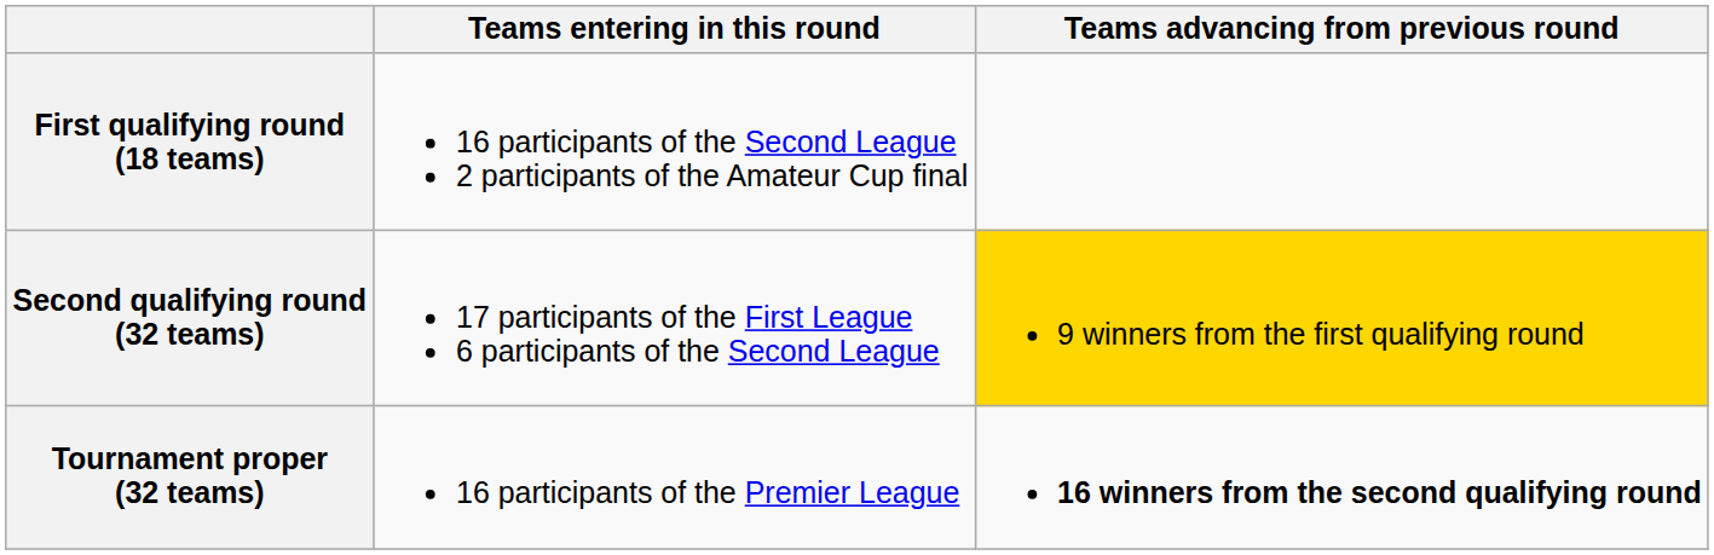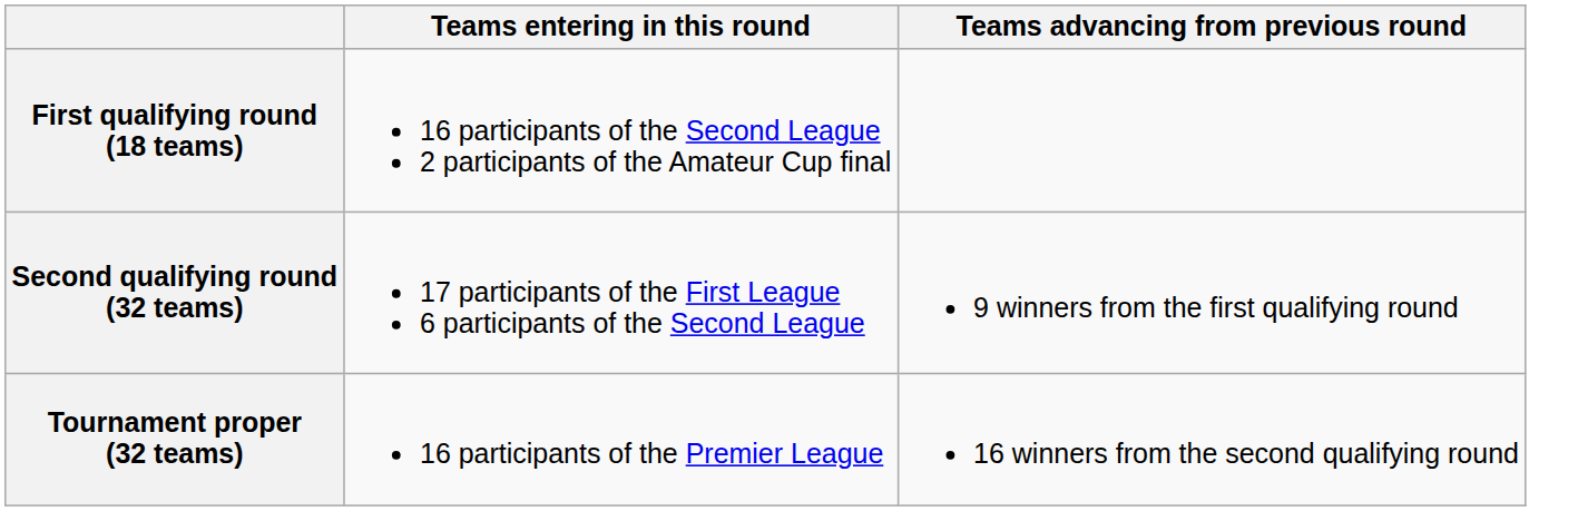 <table class="wikitable">
 <tr>
 <th colspan=2></th>
 <th>Teams entering in this round</th>
 <th>Teams advancing from previous round</th>
 </tr>
 <tr>
 <th colspan=2>First qualifying round<br> (18 teams)</th>
 <td><br><ul><li>16 participants of the <a href='#'>Second League</a></li><li>2 participants of the Amateur Cup final</li></ul></td>
 <td></td>
 </tr>
 <tr>
 <th colspan=2>Second qualifying round<br> (32 teams)</th>
 <td><br><ul><li>17 participants of the <a href='#'>First League</a></li><li>6 participants of the <a href='#'>Second League</a></li></ul></td>
-<td style="background: gold;"><br><ul><li>9 winners from the first qualifying round</li></ul></td>
+<td><br><ul><li>9 winners from the first qualifying round</li></ul></td>
 </tr>
 <tr>
 <th colspan=2>Tournament proper<br> (32 teams)</th>
 <td><br><ul><li>16 participants of the <a href='#'>Premier League</a></li></ul></td>
-<td><strong><br><ul><li>16 winners from the second qualifying round</li></ul></strong></td>
+<td><br><ul><li>16 winners from the second qualifying round</li></ul></td>
 </tr>
 </table>
